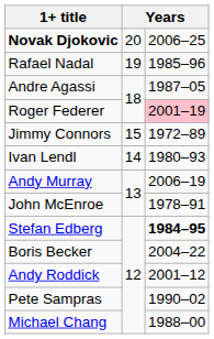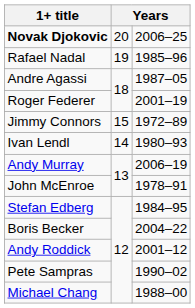 <table class="wikitable" style="display:inline-table;">
 <tr>
 <th>1+ title</th>
 <th colspan="2">Years</th>
 </tr>
 <tr>
 <td> <strong>Novak Djokovic</strong></td>
 <td>20</td>
 <td>2006–25</td>
 </tr>
 <tr>
 <td> Rafael Nadal</td>
 <td>19</td>
 <td>1985–96</td>
 </tr>
 <tr>
 <td> Andre Agassi</td>
 <td rowspan="2">18</td>
 <td>1987–05</td>
 </tr>
 <tr>
 <td> Roger Federer</td>
-<td style="background: pink;">2001–19</td>
+<td>2001–19</td>
 </tr>
 <tr>
 <td> Jimmy Connors</td>
 <td>15</td>
 <td>1972–89</td>
 </tr>
 <tr>
 <td> Ivan Lendl</td>
 <td>14</td>
 <td>1980–93</td>
 </tr>
 <tr>
 <td> <a href='#'>Andy Murray</a></td>
 <td rowspan="2">13</td>
 <td>2006–19</td>
 </tr>
 <tr>
 <td> John McEnroe</td>
 <td>1978–91</td>
 </tr>
 <tr>
 <td> <a href='#'>Stefan Edberg</a></td>
 <td rowspan="5">12</td>
-<td><strong>1984–95</strong></td>
+<td>1984–95</td>
 </tr>
 <tr>
 <td> Boris Becker</td>
 <td>2004–22</td>
 </tr>
 <tr>
 <td> <a href='#'>Andy Roddick</a></td>
 <td>2001–12</td>
 </tr>
 <tr>
 <td> Pete Sampras</td>
 <td>1990–02</td>
 </tr>
 <tr>
 <td> <a href='#'>Michael Chang</a></td>
 <td>1988–00</td>
 </tr>
 </table>
